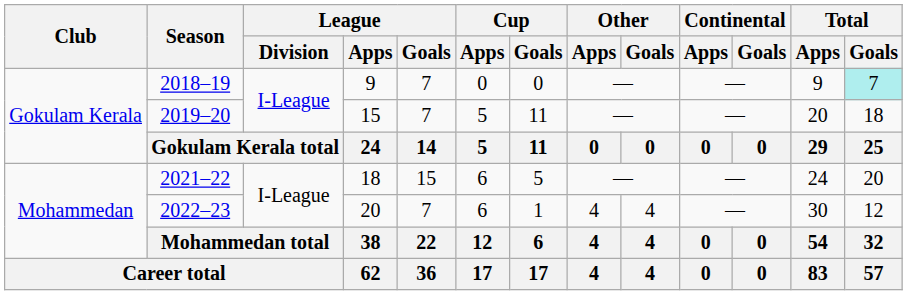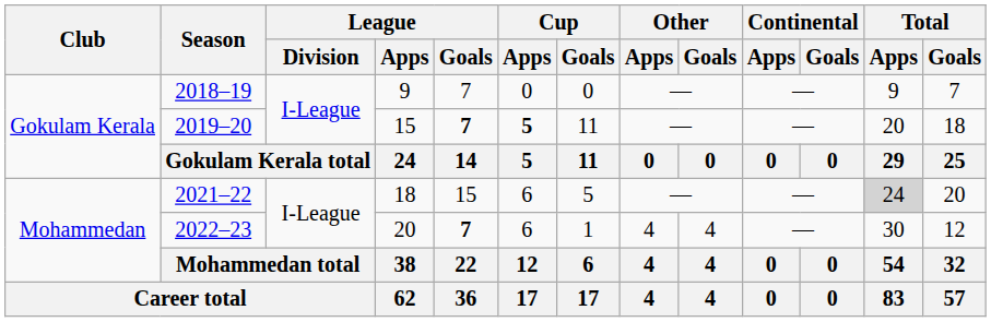 <table class="wikitable" style="font-size; text-align:center;">
 <tr>
 <th rowspan="2">Club</th>
 <th rowspan="2">Season</th>
 <th colspan="3">League</th>
 <th colspan="2">Cup</th>
 <th colspan="2">Other</th>
 <th colspan="2">Continental</th>
 <th colspan="2">Total</th>
 </tr>
 <tr>
 <th>Division</th>
 <th>Apps</th>
 <th>Goals</th>
 <th>Apps</th>
 <th>Goals</th>
 <th>Apps</th>
 <th>Goals</th>
 <th>Apps</th>
 <th>Goals</th>
 <th>Apps</th>
 <th>Goals</th>
 </tr>
 <tr>
 <td rowspan="3"><a href='#'>Gokulam Kerala</a></td>
 <td><a href='#'>2018–19</a></td>
 <td rowspan="2"><a href='#'>I-League</a></td>
 <td>9</td>
 <td>7</td>
 <td>0</td>
 <td>0</td>
 <td colspan="2">—</td>
 <td colspan="2">—</td>
 <td>9</td>
-<td style="background: paleturquoise;">7</td>
+<td>7</td>
 </tr>
 <tr>
 <td><a href='#'>2019–20</a></td>
 <td>15</td>
-<td>7</td>
-<td>5</td>
+<td><strong>7</strong></td>
+<td><strong>5</strong></td>
 <td>11</td>
 <td colspan="2">—</td>
 <td colspan="2">—</td>
 <td>20</td>
 <td>18</td>
 </tr>
 <tr>
 <th colspan="2">Gokulam Kerala total</th>
 <th>24</th>
 <th>14</th>
 <th>5</th>
 <th>11</th>
 <th>0</th>
 <th>0</th>
 <th>0</th>
 <th>0</th>
 <th>29</th>
 <th>25</th>
 </tr>
 <tr>
 <td rowspan="3"><a href='#'>Mohammedan</a></td>
 <td><a href='#'>2021–22</a></td>
 <td rowspan="2">I-League</td>
 <td>18</td>
 <td>15</td>
 <td>6</td>
 <td>5</td>
 <td colspan="2">—</td>
 <td colspan="2">—</td>
-<td>24</td>
+<td style="background: lightgrey;">24</td>
 <td>20</td>
 </tr>
 <tr>
 <td><a href='#'>2022–23</a></td>
 <td>20</td>
-<td>7</td>
+<td><strong>7</strong></td>
 <td>6</td>
 <td>1</td>
 <td>4</td>
 <td>4</td>
 <td colspan="2">—</td>
 <td>30</td>
 <td>12</td>
 </tr>
 <tr>
 <th colspan="2">Mohammedan total</th>
 <th>38</th>
 <th>22</th>
 <th>12</th>
 <th>6</th>
 <th>4</th>
 <th>4</th>
 <th>0</th>
 <th>0</th>
 <th>54</th>
 <th>32</th>
 </tr>
 <tr>
 <th colspan="3">Career total</th>
 <th>62</th>
 <th>36</th>
 <th>17</th>
 <th>17</th>
 <th>4</th>
 <th>4</th>
 <th>0</th>
 <th>0</th>
 <th>83</th>
 <th>57</th>
 </tr>
 </table>
